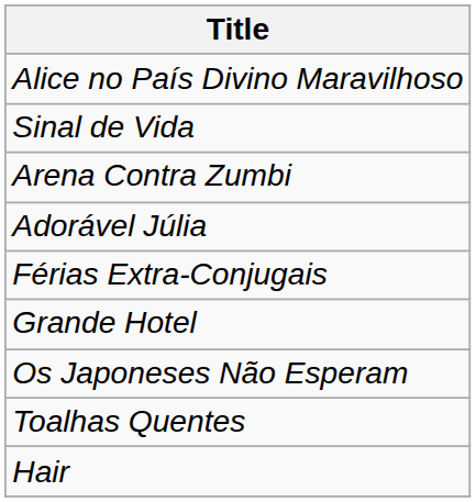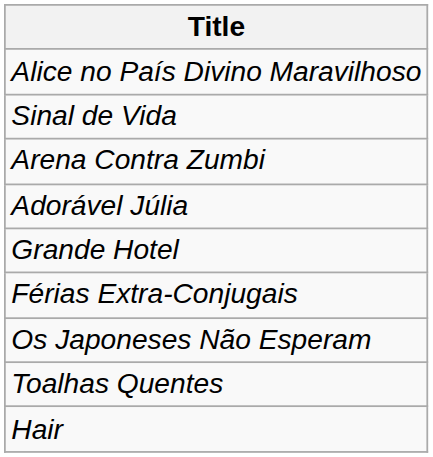 <table class="wikitable">
 <tr>
 <th>Title</th>
 </tr>
 <tr>
 <td><em>Alice no País Divino Maravilhoso</em></td>
 </tr>
 <tr>
 <td><em>Sinal de Vida</em></td>
 </tr>
 <tr>
 <td><em>Arena Contra Zumbi</em></td>
 </tr>
 <tr>
 <td><em>Adorável Júlia</em></td>
 </tr>
 <tr>
-<td><em>Férias Extra-Conjugais</em></td>
+<td><em>Grande Hotel</em></td>
 </tr>
 <tr>
-<td><em>Grande Hotel</em></td>
+<td><em>Férias Extra-Conjugais</em></td>
 </tr>
 <tr>
 <td><em>Os Japoneses Não Esperam</em></td>
 </tr>
 <tr>
 <td><em>Toalhas Quentes</em></td>
 </tr>
 <tr>
 <td><em>Hair</em></td>
 </tr>
 </table>
